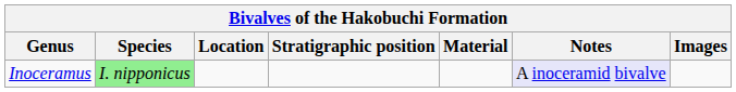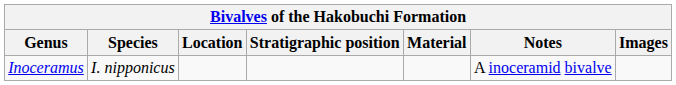 <table class="wikitable" align="center">
 <tr>
 <th colspan="7" align="center"><a href='#'>Bivalves</a> of the Hakobuchi Formation</th>
 </tr>
 <tr>
 <th>Genus</th>
 <th>Species</th>
 <th>Location</th>
 <th>Stratigraphic position</th>
 <th>Material</th>
 <th>Notes</th>
 <th>Images</th>
 </tr>
 <tr>
 <td><em><a href='#'>Inoceramus</a></em></td>
-<td style="background: lightgreen;"><em>I. nipponicus</em></td>
+<td><em>I. nipponicus</em></td>
 <td></td>
 <td></td>
 <td></td>
-<td style="background: lavender;">A <a href='#'>inoceramid</a> <a href='#'>bivalve</a></td>
+<td>A <a href='#'>inoceramid</a> <a href='#'>bivalve</a></td>
 <td></td>
 </tr>
 <tr>
 </tr>
 </table>
